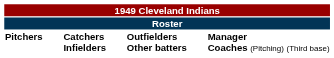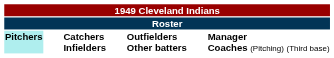 <table class="toccolours" style="font-size: 95%;">
 <tr>
 <th colspan="10" style="background-color: #990000; color: white; text-align: center;">1949 Cleveland Indians</th>
 </tr>
 <tr>
 <td colspan="10" style="background-color: #023456; color: white; text-align: center;"><strong>Roster</strong></td>
 </tr>
 <tr>
-<td valign="top"><strong>Pitchers</strong><br>         </td>
+<td valign="top" style="background: paleturquoise;"><strong>Pitchers</strong><br>         </td>
 <td width="25px"></td>
 <td valign="top"><strong>Catchers</strong><br>  <strong>Infielders</strong>        </td>
 <td width="25px"></td>
 <td valign="top"><strong>Outfielders</strong><br>           <strong>Other batters</strong> </td>
 <td width="25px"></td>
 <td valign="top"><strong>Manager</strong><br> <strong>Coaches</strong>  <small>(Pitching)</small>  <small>(Third base)</small>   </td>
 </tr>
 </table>
